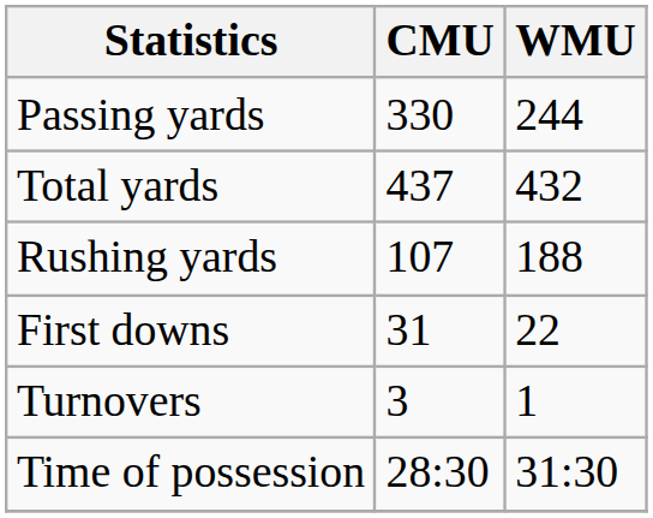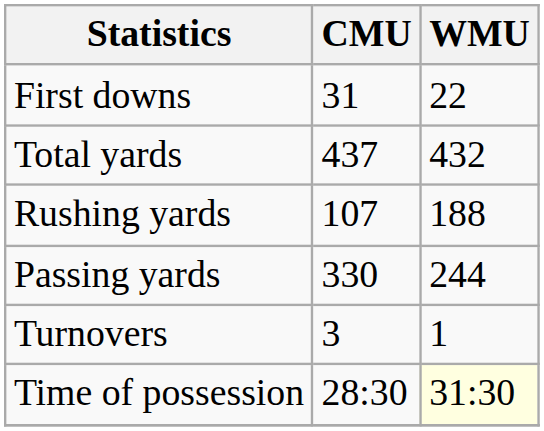 <table class="wikitable">
 <tr>
 <th>Statistics</th>
 <th>CMU</th>
 <th>WMU</th>
 </tr>
 <tr>
-<td>Passing yards</td>
-<td>330</td>
-<td>244</td>
+<td>First downs</td>
+<td>31</td>
+<td>22</td>
 </tr>
 <tr>
 <td>Total yards</td>
 <td>437</td>
 <td>432</td>
 </tr>
 <tr>
 <td>Rushing yards</td>
 <td>107</td>
 <td>188</td>
 </tr>
 <tr>
-<td>First downs</td>
-<td>31</td>
-<td>22</td>
+<td>Passing yards</td>
+<td>330</td>
+<td>244</td>
 </tr>
 <tr>
 <td>Turnovers</td>
 <td>3</td>
 <td>1</td>
 </tr>
 <tr>
 <td>Time of possession</td>
 <td>28:30</td>
-<td>31:30</td>
+<td style="background: lightyellow;">31:30</td>
 </tr>
 <tr>
 </tr>
 </table>
